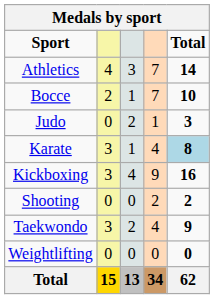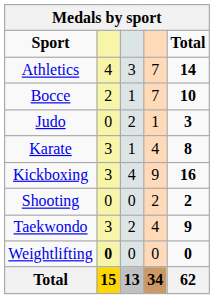 <table class="wikitable" style="font-size:85%">
 <tr style="background:#efefef;">
 <th colspan=7>Medals by sport</th>
 </tr>
 <tr align=center>
 <td><strong>Sport</strong></td>
 <td bgcolor=#f7f6a8></td>
 <td bgcolor=#dce5e5></td>
 <td bgcolor=#ffdab9></td>
 <td><strong>Total</strong></td>
 </tr>
 <tr align=center>
 <td><a href='#'>Athletics</a></td>
 <td style="background:#F7F6A8;">4</td>
 <td style="background:#DCE5E5;">3</td>
 <td style="background:#FFDAB9;">7</td>
 <td><strong>14</strong></td>
 </tr>
 <tr align=center>
 <td><a href='#'>Bocce</a></td>
 <td style="background:#F7F6A8;">2</td>
 <td style="background:#DCE5E5;">1</td>
 <td style="background:#FFDAB9;">7</td>
 <td><strong>10</strong></td>
 </tr>
 <tr align=center>
 <td><a href='#'>Judo</a></td>
 <td style="background:#F7F6A8;">0</td>
 <td style="background:#DCE5E5;">2</td>
 <td style="background:#FFDAB9;">1</td>
 <td><strong>3</strong></td>
 </tr>
 <tr align=center>
 <td><a href='#'>Karate</a></td>
 <td style="background:#F7F6A8;">3</td>
 <td style="background:#DCE5E5;">1</td>
 <td style="background:#FFDAB9;">4</td>
-<td style="background: lightblue;"><strong>8</strong></td>
+<td><strong>8</strong></td>
 </tr>
 <tr align=center>
 <td><a href='#'>Kickboxing</a></td>
 <td style="background:#F7F6A8;">3</td>
 <td style="background:#DCE5E5;">4</td>
 <td style="background:#FFDAB9;">9</td>
 <td><strong>16</strong></td>
 </tr>
 <tr align=center>
 <td><a href='#'>Shooting</a></td>
 <td style="background:#F7F6A8;">0</td>
 <td style="background:#DCE5E5;">0</td>
 <td style="background:#FFDAB9;">2</td>
 <td><strong>2</strong></td>
 </tr>
 <tr align=center>
 <td><a href='#'>Taekwondo</a></td>
 <td style="background:#F7F6A8;">3</td>
 <td style="background:#DCE5E5;">2</td>
 <td style="background:#FFDAB9;">4</td>
 <td><strong>9</strong></td>
 </tr>
 <tr align=center>
 <td><a href='#'>Weightlifting</a></td>
-<td style="background:#F7F6A8;">0</td>
+<td style="background:#F7F6A8;"><strong>0</strong></td>
 <td style="background:#DCE5E5;">0</td>
 <td style="background:#FFDAB9;">0</td>
 <td><strong>0</strong></td>
 </tr>
 <tr align=center>
 <th>Total</th>
 <th style="background:gold;">15</th>
 <th style="background:silver;">13</th>
 <th style="background:#c96;">34</th>
 <th>62</th>
 </tr>
 </table>
